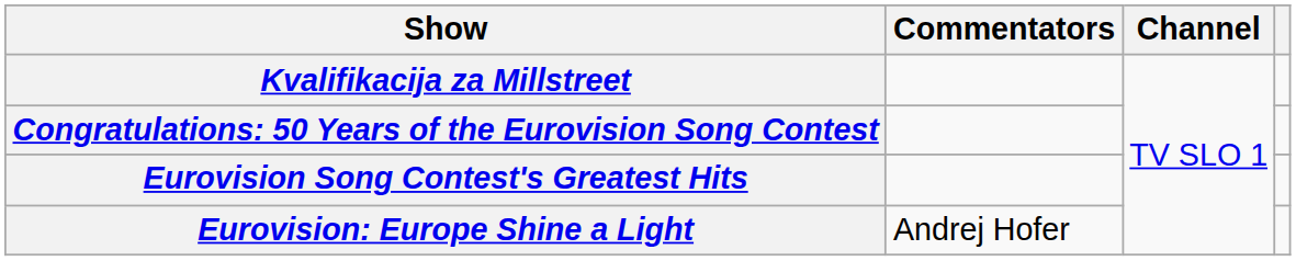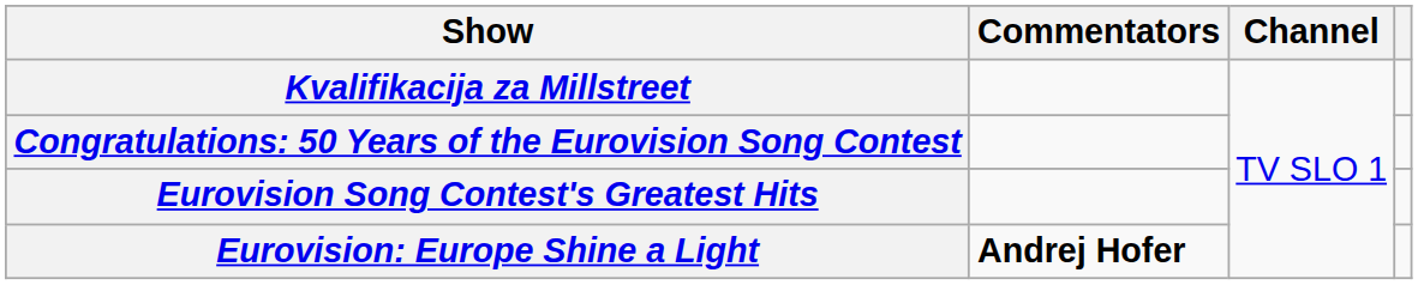 <table class="wikitable plainrowheaders">
 <tr>
 <th>Show</th>
 <th>Commentators</th>
 <th>Channel</th>
 <th></th>
 </tr>
 <tr>
 <th scope="row"><em><a href='#'>Kvalifikacija za Millstreet</a></em></th>
 <td></td>
 <td rowspan="4"><a href='#'>TV SLO 1</a></td>
 <td></td>
 </tr>
 <tr>
 <th scope="row"><em><a href='#'>Congratulations: 50 Years of the Eurovision Song Contest</a></em></th>
 <td></td>
 <td></td>
 </tr>
 <tr>
 <th scope="row"><em><a href='#'>Eurovision Song Contest's Greatest Hits</a></em></th>
 <td></td>
 <td></td>
 </tr>
 <tr>
 <th scope="row"><em><a href='#'>Eurovision: Europe Shine a Light</a></em></th>
-<td>Andrej Hofer</td>
+<td><strong>Andrej Hofer</strong></td>
 <td></td>
 </tr>
 </table>
